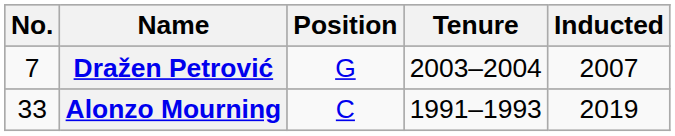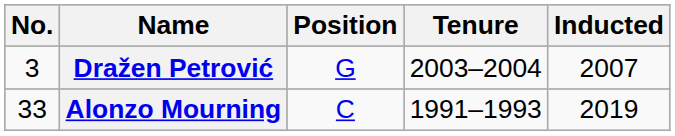 <table class="wikitable" style="text-align:center">
 <tr>
 <th scope="col">No.</th>
 <th scope="col">Name</th>
 <th scope="col">Position</th>
 <th scope="col">Tenure</th>
 <th scope="col">Inducted</th>
 </tr>
 <tr>
-<td>7</td>
+<td>3</td>
 <th scope="row"><a href='#'>Dražen Petrović</a></th>
 <td><a href='#'>G</a></td>
 <td>2003–2004</td>
 <td>2007</td>
 </tr>
 <tr>
 <td>33</td>
 <th scope="row"><a href='#'>Alonzo Mourning</a></th>
 <td><a href='#'>C</a></td>
 <td>1991–1993</td>
 <td>2019</td>
 </tr>
 </table>
